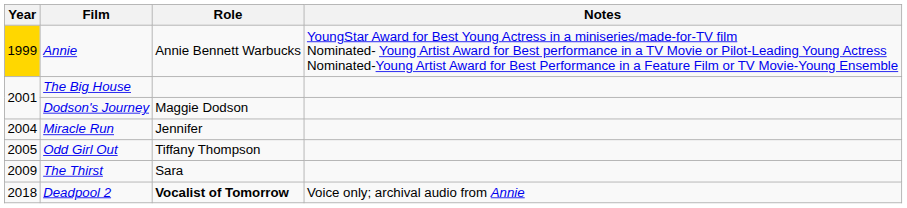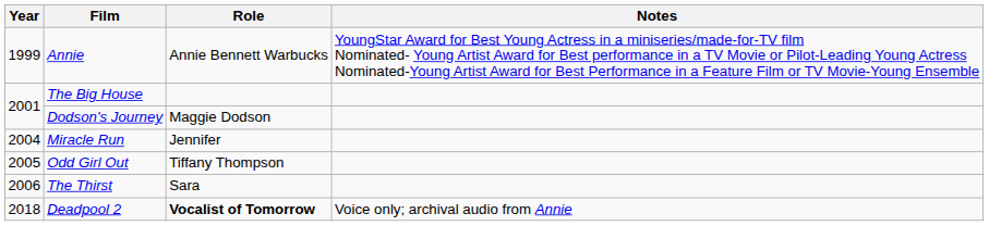 <table class="wikitable">
 <tr>
 <th>Year</th>
 <th>Film</th>
 <th>Role</th>
 <th>Notes</th>
 </tr>
 <tr>
-<td style="background: gold;">1999</td>
+<td>1999</td>
 <td><em><a href='#'>Annie</a></em></td>
 <td>Annie Bennett Warbucks</td>
 <td><a href='#'>YoungStar Award for Best Young Actress in a miniseries/made-for-TV film</a><br>Nominated- <a href='#'>Young Artist Award for Best performance in a TV Movie or Pilot-Leading Young Actress</a><br>Nominated-<a href='#'>Young Artist Award for Best Performance in a Feature Film or TV Movie-Young Ensemble</a></td>
 </tr>
 <tr>
 <td rowspan="2">2001</td>
 <td><em><a href='#'>The Big House</a></em></td>
 <td></td>
 <td></td>
 </tr>
 <tr>
 <td><em><a href='#'>Dodson's Journey</a></em></td>
 <td>Maggie Dodson</td>
 <td></td>
 </tr>
 <tr>
 <td>2004</td>
 <td><em><a href='#'>Miracle Run</a></em></td>
 <td>Jennifer</td>
 <td></td>
 </tr>
 <tr>
 <td>2005</td>
 <td><em><a href='#'>Odd Girl Out</a></em></td>
 <td>Tiffany Thompson</td>
 <td></td>
 </tr>
 <tr>
-<td>2009</td>
+<td>2006</td>
 <td><em><a href='#'>The Thirst</a></em></td>
 <td>Sara</td>
 <td></td>
 </tr>
 <tr>
 <td>2018</td>
 <td><em><a href='#'>Deadpool 2</a></em></td>
 <td><strong>Vocalist of Tomorrow</strong></td>
 <td>Voice only; archival audio from <em><a href='#'>Annie</a></em></td>
 </tr>
 </table>
